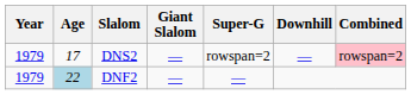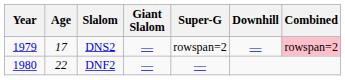 <table class=wikitable style="text-align:center">
 <tr>
 <th>  Year  </th>
 <th> Age </th>
 <th> Slalom </th>
 <th> Giant <br> Slalom </th>
 <th>Super-G</th>
 <th>Downhill</th>
 <th>Combined</th>
 </tr>
 <tr>
 <td><a href='#'>1979</a></td>
 <td><em>17</em></td>
 <td><a href='#'>DNS2</a></td>
 <td><a href='#'>—</a></td>
 <td>rowspan=2</td>
 <td><a href='#'>—</a></td>
 <td style="background: pink;">rowspan=2</td>
 </tr>
 <tr>
-<td><a href='#'>1979</a></td>
-<td style="background: lightblue;"><em>22</em></td>
+<td><a href='#'>1980</a></td>
+<td><em>22</em></td>
 <td><a href='#'>DNF2</a></td>
 <td><a href='#'>—</a></td>
 <td><a href='#'>—</a></td>
 </tr>
 </table>
